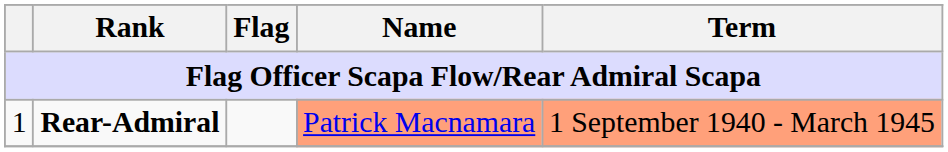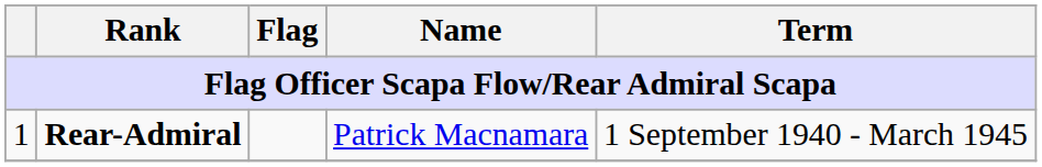 <table class="wikitable">
 <tr>
 <th></th>
 <th>Rank</th>
 <th>Flag</th>
 <th>Name</th>
 <th>Term</th>
 </tr>
 <tr>
 <td colspan="5" align="center" style="background:#dcdcfe;"><strong>Flag Officer Scapa Flow/Rear Admiral Scapa</strong></td>
 </tr>
 <tr>
 <td>1</td>
 <td><strong>Rear-Admiral</strong></td>
 <td></td>
-<td style="background: lightsalmon;"><a href='#'>Patrick Macnamara</a></td>
-<td style="background: lightsalmon;">1 September 1940 - March 1945</td>
+<td><a href='#'>Patrick Macnamara</a></td>
+<td>1 September 1940 - March 1945</td>
 </tr>
 <tr>
 </tr>
 </table>
